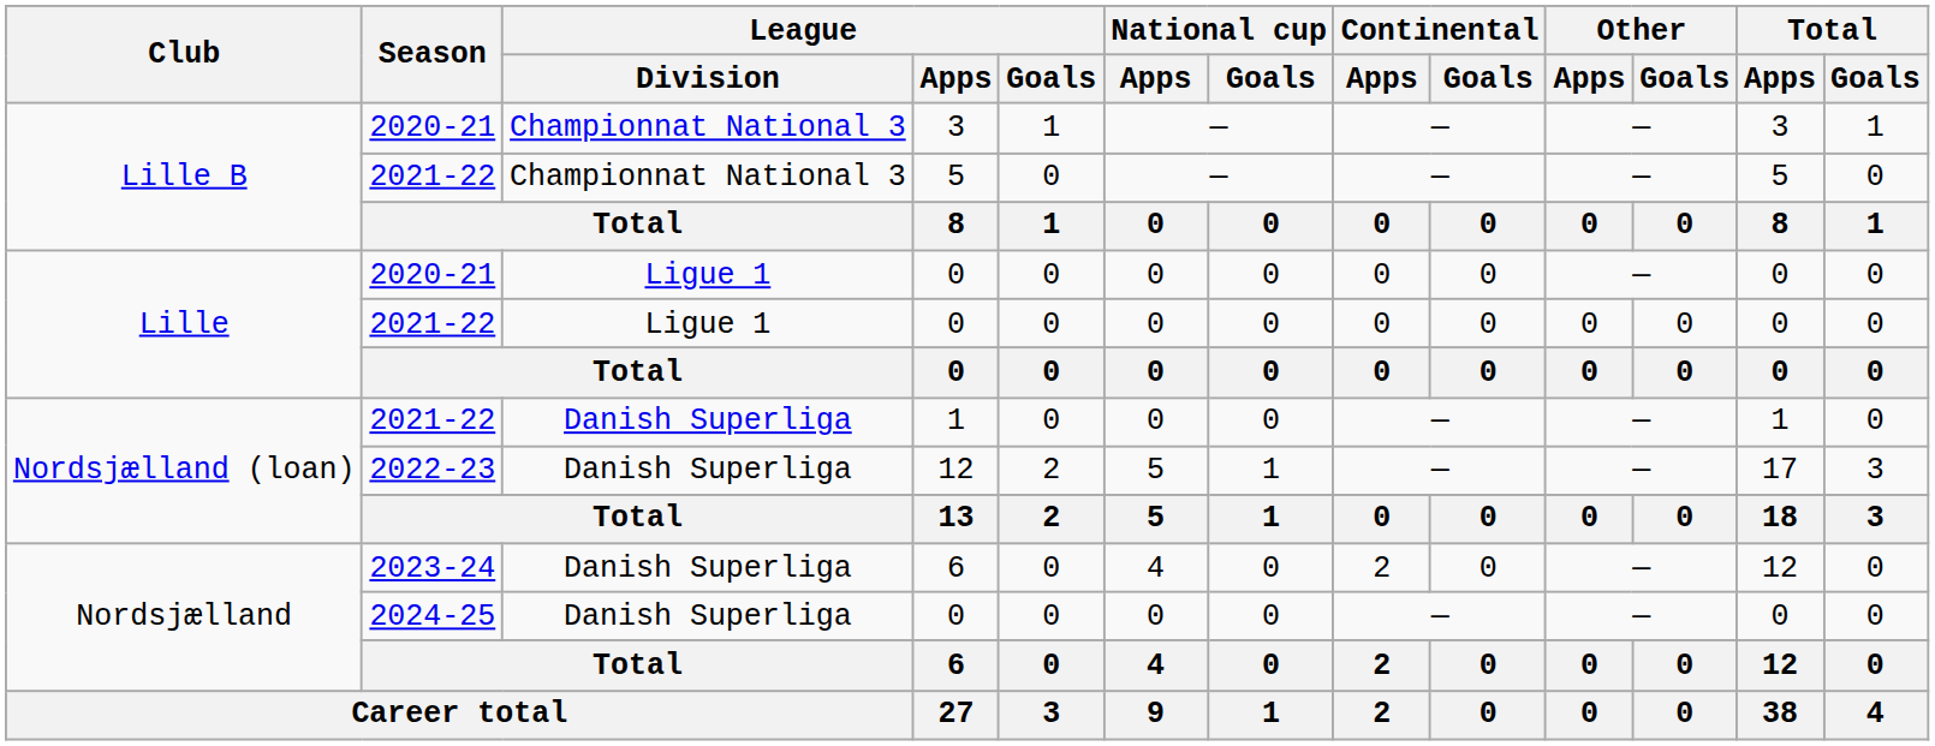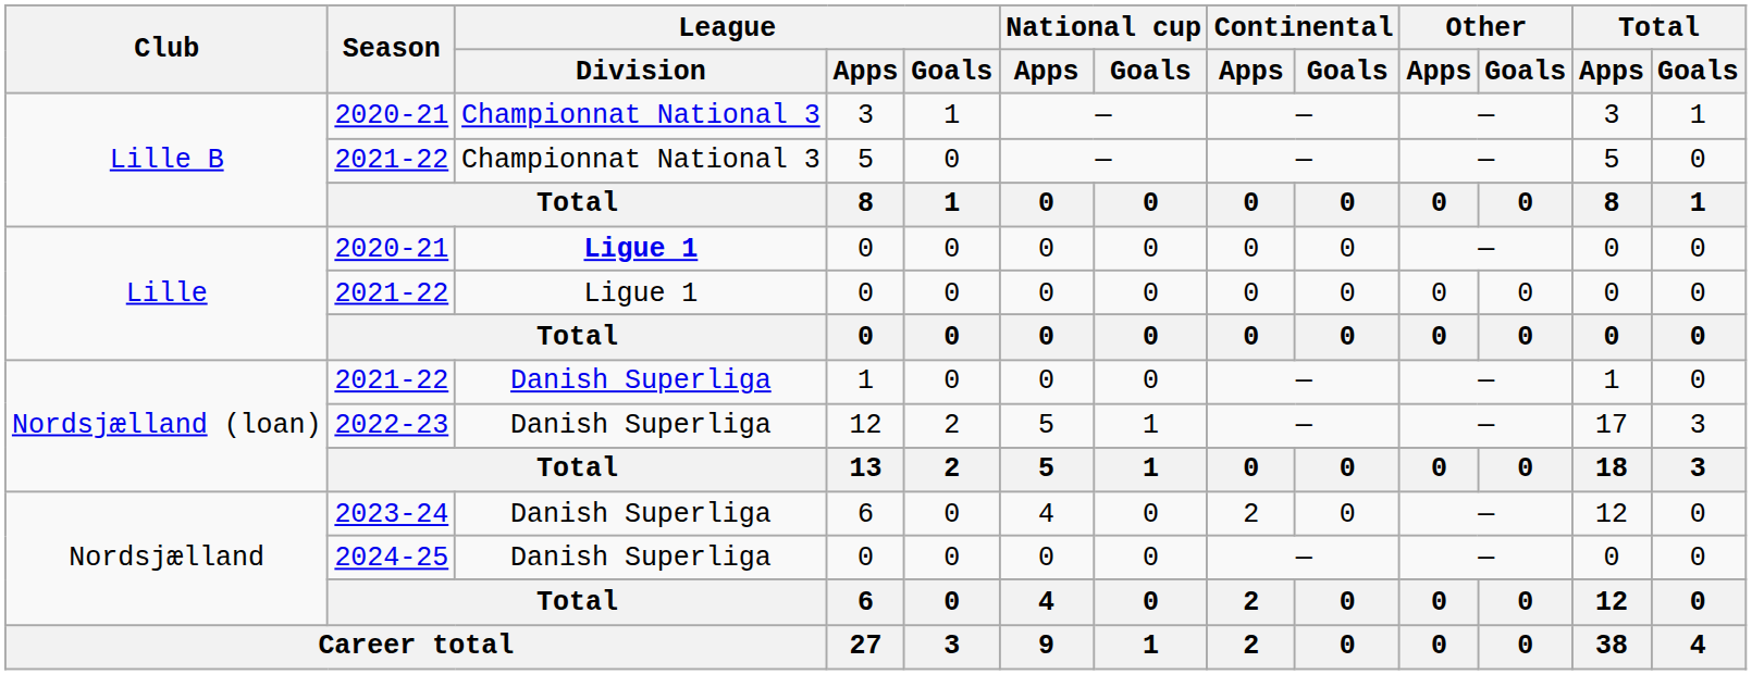 <table class="wikitable" style="text-align: center">
 <tr>
 <th rowspan="2">Club</th>
 <th rowspan="2">Season</th>
 <th colspan="3">League</th>
 <th colspan="2">National cup</th>
 <th colspan="2">Continental</th>
 <th colspan="2">Other</th>
 <th colspan="2">Total</th>
 </tr>
 <tr>
 <th>Division</th>
 <th>Apps</th>
 <th>Goals</th>
 <th>Apps</th>
 <th>Goals</th>
 <th>Apps</th>
 <th>Goals</th>
 <th>Apps</th>
 <th>Goals</th>
 <th>Apps</th>
 <th>Goals</th>
 </tr>
 <tr>
 <td rowspan="3"><a href='#'>Lille B</a></td>
 <td><a href='#'>2020-21</a></td>
 <td><a href='#'>Championnat National 3</a></td>
 <td>3</td>
 <td>1</td>
 <td colspan="2">—</td>
 <td colspan="2">—</td>
 <td colspan="2">—</td>
 <td>3</td>
 <td>1</td>
 </tr>
 <tr>
 <td><a href='#'>2021-22</a></td>
 <td>Championnat National 3</td>
 <td>5</td>
 <td>0</td>
 <td colspan="2">—</td>
 <td colspan="2">—</td>
 <td colspan="2">—</td>
 <td>5</td>
 <td>0</td>
 </tr>
 <tr>
 <th colspan="2">Total</th>
 <th>8</th>
 <th>1</th>
 <th>0</th>
 <th>0</th>
 <th>0</th>
 <th>0</th>
 <th>0</th>
 <th>0</th>
 <th>8</th>
 <th>1</th>
 </tr>
 <tr>
 <td rowspan="3"><a href='#'>Lille</a></td>
 <td><a href='#'>2020-21</a></td>
-<td><a href='#'>Ligue 1</a></td>
+<td><strong><a href='#'>Ligue 1</a></strong></td>
 <td>0</td>
 <td>0</td>
 <td>0</td>
 <td>0</td>
 <td>0</td>
 <td>0</td>
 <td colspan="2">—</td>
 <td>0</td>
 <td>0</td>
 </tr>
 <tr>
 <td><a href='#'>2021-22</a></td>
 <td>Ligue 1</td>
 <td>0</td>
 <td>0</td>
 <td>0</td>
 <td>0</td>
 <td>0</td>
 <td>0</td>
 <td>0</td>
 <td>0</td>
 <td>0</td>
 <td>0</td>
 </tr>
 <tr>
 <th colspan="2">Total</th>
 <th>0</th>
 <th>0</th>
 <th>0</th>
 <th>0</th>
 <th>0</th>
 <th>0</th>
 <th>0</th>
 <th>0</th>
 <th>0</th>
 <th>0</th>
 </tr>
 <tr>
 <td rowspan="3"><a href='#'>Nordsjælland</a> (loan)</td>
 <td><a href='#'>2021-22</a></td>
 <td><a href='#'>Danish Superliga</a></td>
 <td>1</td>
 <td>0</td>
 <td>0</td>
 <td>0</td>
 <td colspan="2">—</td>
 <td colspan="2">—</td>
 <td>1</td>
 <td>0</td>
 </tr>
 <tr>
 <td><a href='#'>2022-23</a></td>
 <td>Danish Superliga</td>
 <td>12</td>
 <td>2</td>
 <td>5</td>
 <td>1</td>
 <td colspan="2">—</td>
 <td colspan="2">—</td>
 <td>17</td>
 <td>3</td>
 </tr>
 <tr>
 <th colspan="2">Total</th>
 <th>13</th>
 <th>2</th>
 <th>5</th>
 <th>1</th>
 <th>0</th>
 <th>0</th>
 <th>0</th>
 <th>0</th>
 <th>18</th>
 <th>3</th>
 </tr>
 <tr>
 <td rowspan="3">Nordsjælland</td>
 <td><a href='#'>2023-24</a></td>
 <td>Danish Superliga</td>
 <td>6</td>
 <td>0</td>
 <td>4</td>
 <td>0</td>
 <td>2</td>
 <td>0</td>
 <td colspan="2">—</td>
 <td>12</td>
 <td>0</td>
 </tr>
 <tr>
 <td><a href='#'>2024-25</a></td>
 <td>Danish Superliga</td>
 <td>0</td>
 <td>0</td>
 <td>0</td>
 <td>0</td>
 <td colspan="2">—</td>
 <td colspan="2">—</td>
 <td>0</td>
 <td>0</td>
 </tr>
 <tr>
 <th colspan="2">Total</th>
 <th>6</th>
 <th>0</th>
 <th>4</th>
 <th>0</th>
 <th>2</th>
 <th>0</th>
 <th>0</th>
 <th>0</th>
 <th>12</th>
 <th>0</th>
 </tr>
 <tr>
 <th colspan="3">Career total</th>
 <th>27</th>
 <th>3</th>
 <th>9</th>
 <th>1</th>
 <th>2</th>
 <th>0</th>
 <th>0</th>
 <th>0</th>
 <th>38</th>
 <th>4</th>
 </tr>
 </table>
